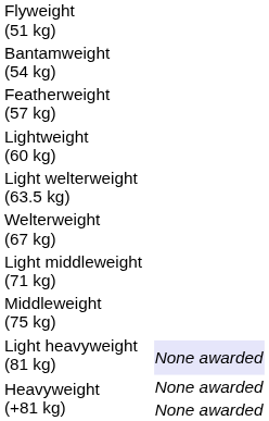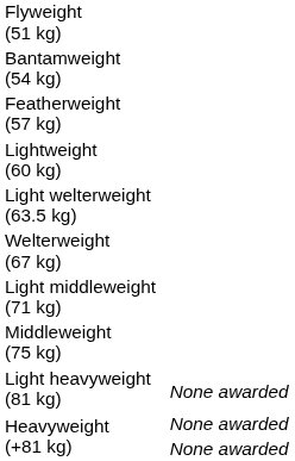 <table>
 <tr>
 <td rowspan=2>Flyweight<br>(51 kg) </td>
 <td rowspan=2></td>
 <td rowspan=2></td>
 <td></td>
 </tr>
 <tr>
 <td></td>
 </tr>
 <tr>
 <td rowspan=2>Bantamweight<br>(54 kg) </td>
 <td rowspan=2></td>
 <td rowspan=2></td>
 <td></td>
 </tr>
 <tr>
 <td></td>
 </tr>
 <tr>
 <td rowspan=2>Featherweight<br>(57 kg) </td>
 <td rowspan=2></td>
 <td rowspan=2></td>
 <td></td>
 </tr>
 <tr>
 <td></td>
 </tr>
 <tr>
 <td rowspan=2>Lightweight<br>(60 kg) </td>
 <td rowspan=2></td>
 <td rowspan=2></td>
 <td></td>
 </tr>
 <tr>
 <td></td>
 </tr>
 <tr>
 <td rowspan=2>Light welterweight<br>(63.5 kg) </td>
 <td rowspan=2></td>
 <td rowspan=2></td>
 <td></td>
 </tr>
 <tr>
 <td></td>
 </tr>
 <tr>
 <td rowspan=2>Welterweight<br>(67 kg) </td>
 <td rowspan=2></td>
 <td rowspan=2></td>
 <td></td>
 </tr>
 <tr>
 <td></td>
 </tr>
 <tr>
 <td rowspan=2>Light middleweight<br>(71 kg) </td>
 <td rowspan=2></td>
 <td rowspan=2></td>
 <td></td>
 </tr>
 <tr>
 <td></td>
 </tr>
 <tr>
 <td rowspan=2>Middleweight<br>(75 kg) </td>
 <td rowspan=2></td>
 <td rowspan=2></td>
 <td></td>
 </tr>
 <tr>
 <td></td>
 </tr>
 <tr>
 <td rowspan=2>Light heavyweight<br>(81 kg) </td>
 <td rowspan=2></td>
 <td rowspan=2></td>
 <td></td>
 </tr>
 <tr>
-<td style="background: lavender;"><em>None awarded</em></td>
+<td><em>None awarded</em></td>
 </tr>
 <tr>
 <td rowspan=2>Heavyweight<br>(+81 kg) </td>
 <td rowspan=2></td>
 <td rowspan=2></td>
 <td><em>None awarded</em></td>
 </tr>
 <tr>
 <td><em>None awarded</em></td>
 </tr>
 </table>
